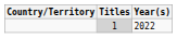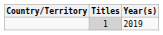 <table class="wikitable">
 <tr>
 <th>Country/Territory</th>
 <th>Titles</th>
 <th>Year(s)</th>
 </tr>
 <tr>
 <td></td>
 <td style="background: lightgrey; text-align:center;">1</td>
-<td>2022</td>
+<td>2019</td>
 </tr>
 </table>
